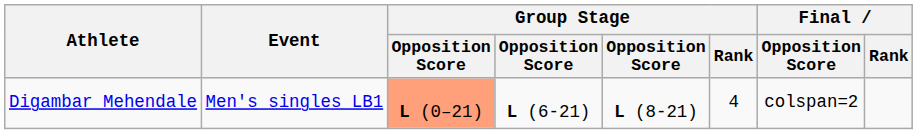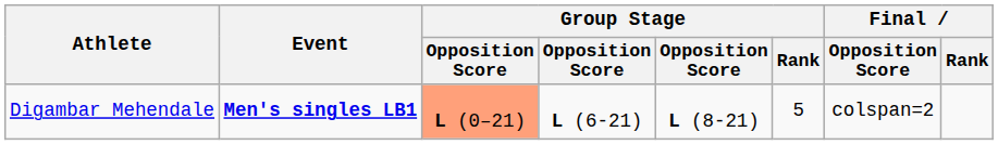 <table class="wikitable" style="font-size:90%; text-align:center">
 <tr>
 <th rowspan=2>Athlete</th>
 <th rowspan=2>Event</th>
 <th colspan=4>Group Stage</th>
 <th colspan=2>Final / </th>
 </tr>
 <tr style="font-size:95%">
 <th>Opposition<br>Score</th>
 <th>Opposition<br>Score</th>
 <th>Opposition<br>Score</th>
 <th>Rank</th>
 <th>Opposition<br>Score</th>
 <th>Rank</th>
 </tr>
 <tr>
 <td align=left><a href='#'>Digambar Mehendale</a></td>
-<td align=left><a href='#'>Men's singles LB1</a></td>
+<td align=left><strong><a href='#'>Men's singles LB1</a></strong></td>
 <td style="background: lightsalmon;"> <br> <strong>L</strong> (0–21)</td>
 <td> <br> <strong>L</strong> (6-21)</td>
 <td> <br> <strong>L</strong> (8-21)</td>
-<td>4</td>
+<td>5</td>
 <td>colspan=2 </td>
 </tr>
 </table>
